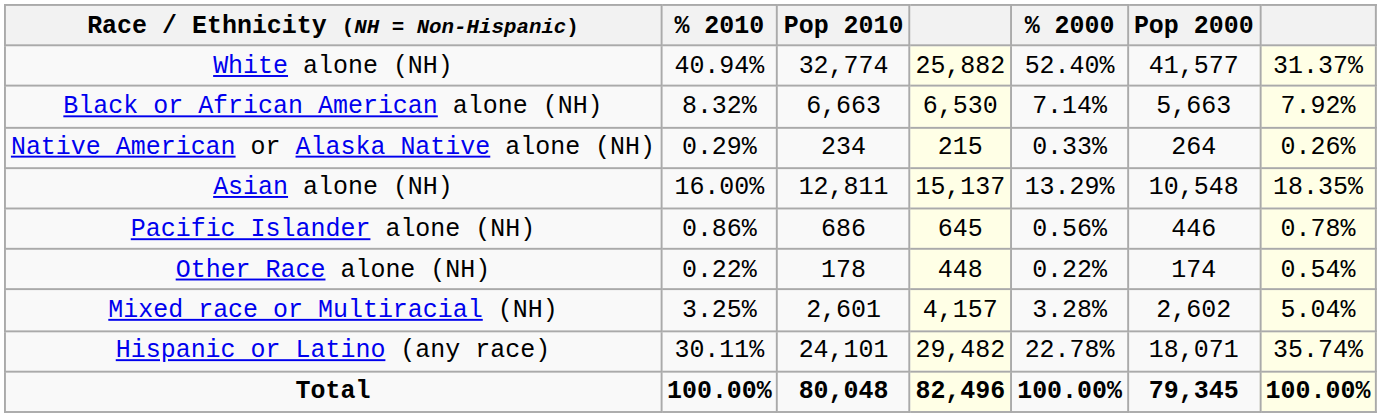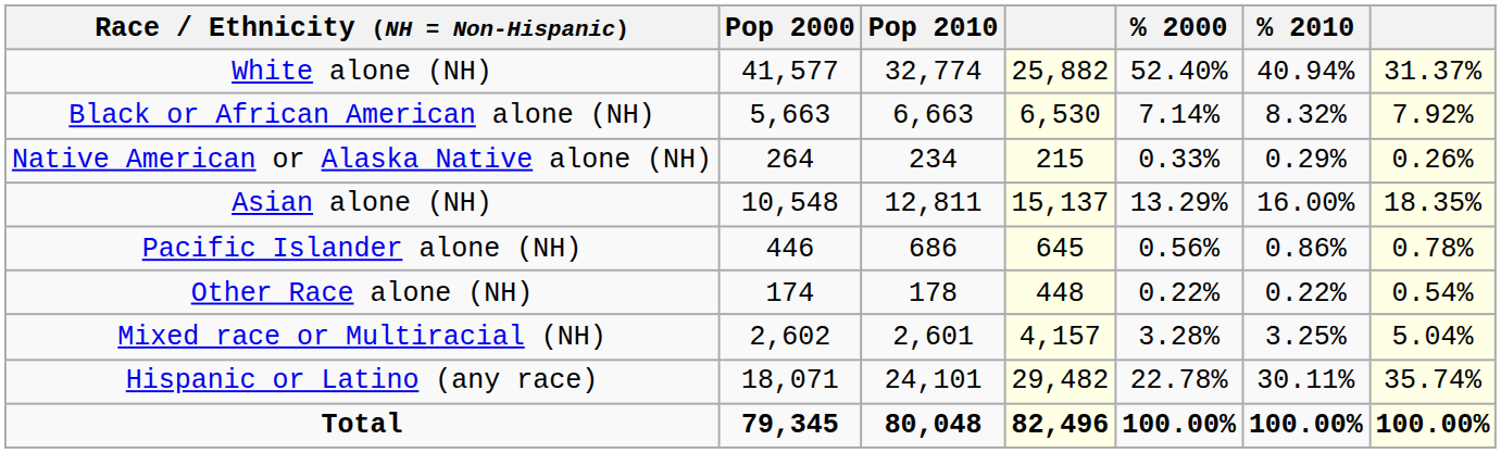 <table class="wikitable" style="text-align:center;">
 <tr>
 <th>Race / Ethnicity <small>(<em>NH = Non-Hispanic</em>)</small></th>
-<th>% 2010</th>
+<th>Pop 2000</th>
 <th>Pop 2010</th>
 <th></th>
 <th>% 2000</th>
-<th>Pop 2000</th>
+<th>% 2010</th>
 <th></th>
 </tr>
 <tr>
 <td><a href='#'>White</a> alone (NH)</td>
-<td>40.94%</td>
+<td>41,577</td>
 <td>32,774</td>
 <td style='background: #ffffe6;'>25,882</td>
 <td>52.40%</td>
-<td>41,577</td>
+<td>40.94%</td>
 <td style='background: #ffffe6;'>31.37%</td>
 </tr>
 <tr>
 <td><a href='#'>Black or African American</a> alone (NH)</td>
-<td>8.32%</td>
+<td>5,663</td>
 <td>6,663</td>
 <td style='background: #ffffe6;'>6,530</td>
 <td>7.14%</td>
-<td>5,663</td>
+<td>8.32%</td>
 <td style='background: #ffffe6;'>7.92%</td>
 </tr>
 <tr>
 <td><a href='#'>Native American</a> or <a href='#'>Alaska Native</a> alone (NH)</td>
-<td>0.29%</td>
+<td>264</td>
 <td>234</td>
 <td style='background: #ffffe6;'>215</td>
 <td>0.33%</td>
-<td>264</td>
+<td>0.29%</td>
 <td style='background: #ffffe6;'>0.26%</td>
 </tr>
 <tr>
 <td><a href='#'>Asian</a> alone (NH)</td>
-<td>16.00%</td>
+<td>10,548</td>
 <td>12,811</td>
 <td style='background: #ffffe6;'>15,137</td>
 <td>13.29%</td>
-<td>10,548</td>
+<td>16.00%</td>
 <td style='background: #ffffe6;'>18.35%</td>
 </tr>
 <tr>
 <td><a href='#'>Pacific Islander</a> alone (NH)</td>
-<td>0.86%</td>
+<td>446</td>
 <td>686</td>
 <td style='background: #ffffe6;'>645</td>
 <td>0.56%</td>
-<td>446</td>
+<td>0.86%</td>
 <td style='background: #ffffe6;'>0.78%</td>
 </tr>
 <tr>
 <td><a href='#'>Other Race</a> alone (NH)</td>
-<td>0.22%</td>
+<td>174</td>
 <td>178</td>
 <td style='background: #ffffe6;'>448</td>
 <td>0.22%</td>
-<td>174</td>
+<td>0.22%</td>
 <td style='background: #ffffe6;'>0.54%</td>
 </tr>
 <tr>
 <td><a href='#'>Mixed race or Multiracial</a> (NH)</td>
-<td>3.25%</td>
+<td>2,602</td>
 <td>2,601</td>
 <td style='background: #ffffe6;'>4,157</td>
 <td>3.28%</td>
-<td>2,602</td>
+<td>3.25%</td>
 <td style='background: #ffffe6;'>5.04%</td>
 </tr>
 <tr>
 <td><a href='#'>Hispanic or Latino</a> (any race)</td>
-<td>30.11%</td>
+<td>18,071</td>
 <td>24,101</td>
 <td style='background: #ffffe6;'>29,482</td>
 <td>22.78%</td>
-<td>18,071</td>
+<td>30.11%</td>
 <td style='background: #ffffe6;'>35.74%</td>
 </tr>
 <tr>
 <td><strong>Total</strong></td>
-<td><strong>100.00%</strong></td>
+<td><strong>79,345</strong></td>
 <td><strong>80,048</strong></td>
 <td style='background: #ffffe6;'><strong>82,496</strong></td>
 <td><strong>100.00%</strong></td>
-<td><strong>79,345</strong></td>
+<td><strong>100.00%</strong></td>
 <td style='background: #ffffe6;'><strong>100.00%</strong></td>
 </tr>
 </table>
